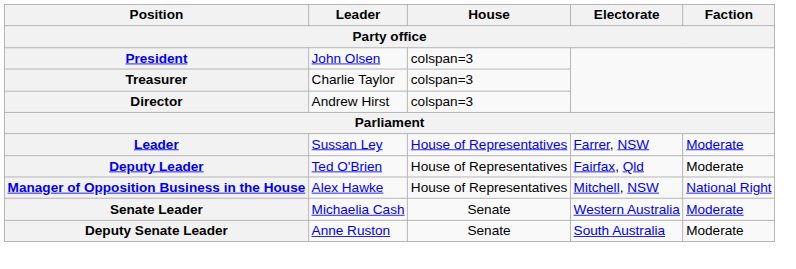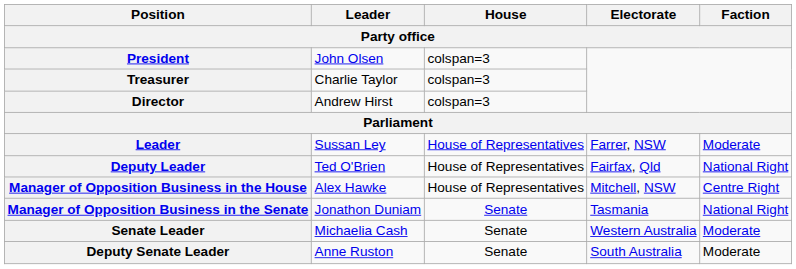 <table class="wikitable">
 <tr>
 <th>Position</th>
 <th>Leader</th>
 <th>House</th>
 <th>Electorate</th>
 <th>Faction</th>
 </tr>
 <tr>
 <th colspan=5>Party office</th>
 </tr>
 <tr>
 <th><a href='#'>President</a></th>
 <td><a href='#'>John Olsen</a></td>
 <td>colspan=3 </td>
 </tr>
 <tr>
 <th>Treasurer</th>
 <td>Charlie Taylor</td>
 <td>colspan=3 </td>
 </tr>
 <tr>
 <th>Director</th>
 <td>Andrew Hirst</td>
 <td>colspan=3 </td>
 </tr>
 <tr>
 <th colspan=5>Parliament</th>
 </tr>
 <tr>
 <th><a href='#'>Leader</a></th>
 <td><a href='#'>Sussan Ley</a></td>
 <td align=center><a href='#'>House of Representatives</a></td>
 <td><a href='#'>Farrer</a>, <a href='#'>NSW</a></td>
 <td><a href='#'>Moderate</a></td>
 </tr>
 <tr>
 <th><a href='#'>Deputy Leader</a></th>
 <td><a href='#'>Ted O'Brien</a></td>
 <td align=center>House of Representatives</td>
 <td><a href='#'>Fairfax</a>, <a href='#'>Qld</a></td>
-<td>Moderate</td>
+<td><a href='#'>National Right</a></td>
 </tr>
 <tr>
 <th><a href='#'>Manager of Opposition Business in the House</a></th>
 <td><a href='#'>Alex Hawke</a></td>
 <td align=center>House of Representatives</td>
 <td><a href='#'>Mitchell</a>, <a href='#'>NSW</a></td>
+<td><a href='#'>Centre Right</a></td>
+</tr>
+<tr>
+<th><a href='#'>Manager of Opposition Business in the Senate</a></th>
+<td><a href='#'>Jonathon Duniam</a></td>
+<td align=center><a href='#'>Senate</a></td>
+<td><a href='#'>Tasmania</a></td>
 <td><a href='#'>National Right</a></td>
 </tr>
 <tr>
 <th>Senate Leader</th>
 <td><a href='#'>Michaelia Cash</a></td>
 <td align=center>Senate</td>
 <td><a href='#'>Western Australia</a></td>
 <td><a href='#'>Moderate</a></td>
 </tr>
 <tr>
 <th>Deputy Senate Leader</th>
 <td><a href='#'>Anne Ruston</a></td>
 <td align=center>Senate</td>
 <td><a href='#'>South Australia</a></td>
 <td>Moderate</td>
 </tr>
 </table>
